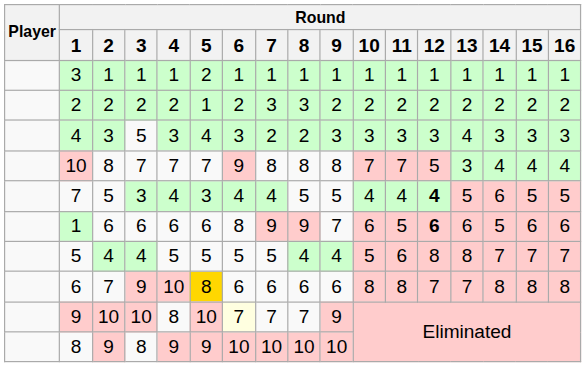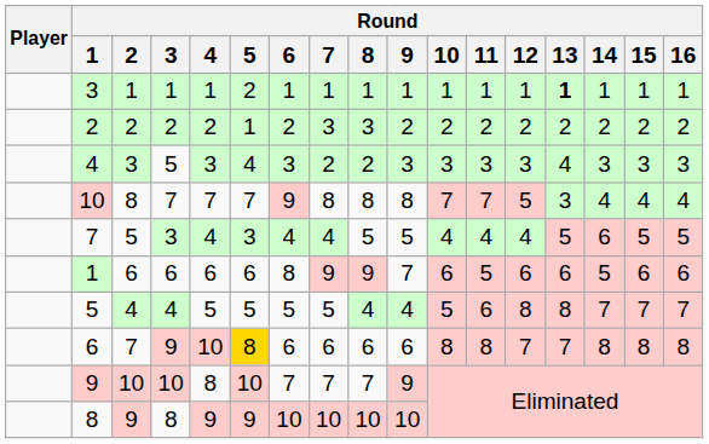 <table class="wikitable">
 <tr style="font-size:10pt;font-weight:bold">
 <th rowspan=2>Player</th>
 <th colspan=16>Round</th>
 </tr>
 <tr>
 <th style="width:20px;">1</th>
 <th style="width:20px;">2</th>
 <th style="width:20px;">3</th>
 <th style="width:20px;">4</th>
 <th style="width:20px;">5</th>
 <th style="width:20px;">6</th>
 <th style="width:20px;">7</th>
 <th style="width:20px;">8</th>
 <th style="width:20px;">9</th>
 <th style="width:20px;">10</th>
 <th style="width:20px;">11</th>
 <th style="width:20px;">12</th>
 <th style="width:20px;">13</th>
 <th style="width:20px;">14</th>
 <th style="width:20px;">15</th>
 <th style="width:20px;">16</th>
 </tr>
 <tr>
 <td> </td>
 <td align=center bgcolor="#ccffcc">3</td>
 <td align=center bgcolor="#ccffcc">1</td>
 <td align=center bgcolor="#ccffcc">1</td>
 <td align=center bgcolor="#ccffcc">1</td>
 <td align=center bgcolor="#ccffcc">2</td>
 <td align=center bgcolor="#ccffcc">1</td>
 <td align=center bgcolor="#ccffcc">1</td>
 <td align=center bgcolor="#ccffcc">1</td>
 <td align=center bgcolor="#ccffcc">1</td>
 <td align=center bgcolor="#ccffcc">1</td>
 <td align=center bgcolor="#ccffcc">1</td>
 <td align=center bgcolor="#ccffcc">1</td>
-<td align=center bgcolor="#ccffcc">1</td>
+<td align=center bgcolor="#ccffcc"><strong>1</strong></td>
 <td align=center bgcolor="#ccffcc">1</td>
 <td align=center bgcolor="#ccffcc">1</td>
 <td align=center bgcolor="#ccffcc">1</td>
 </tr>
 <tr>
 <td> </td>
 <td align=center bgcolor="#ccffcc">2</td>
 <td align=center bgcolor="#ccffcc">2</td>
 <td align=center bgcolor="#ccffcc">2</td>
 <td align=center bgcolor="#ccffcc">2</td>
 <td align=center bgcolor="#ccffcc">1</td>
 <td align=center bgcolor="#ccffcc">2</td>
 <td align=center bgcolor="#ccffcc">3</td>
 <td align=center bgcolor="#ccffcc">3</td>
 <td align=center bgcolor="#ccffcc">2</td>
 <td align=center bgcolor="#ccffcc">2</td>
 <td align=center bgcolor="#ccffcc">2</td>
 <td align=center bgcolor="#ccffcc">2</td>
 <td align=center bgcolor="#ccffcc">2</td>
 <td align=center bgcolor="#ccffcc">2</td>
 <td align=center bgcolor="#ccffcc">2</td>
 <td align=center bgcolor="#ccffcc">2</td>
 </tr>
 <tr>
 <td> </td>
 <td align=center bgcolor="#ccffcc">4</td>
 <td align=center bgcolor="#ccffcc">3</td>
 <td align=center>5</td>
 <td align=center bgcolor="#ccffcc">3</td>
 <td align=center bgcolor="#ccffcc">4</td>
 <td align=center bgcolor="#ccffcc">3</td>
 <td align=center bgcolor="#ccffcc">2</td>
 <td align=center bgcolor="#ccffcc">2</td>
 <td align=center bgcolor="#ccffcc">3</td>
 <td align=center bgcolor="#ccffcc">3</td>
 <td align=center bgcolor="#ccffcc">3</td>
 <td align=center bgcolor="#ccffcc">3</td>
 <td align=center bgcolor="#ccffcc">4</td>
 <td align=center bgcolor="#ccffcc">3</td>
 <td align=center bgcolor="#ccffcc">3</td>
 <td align=center bgcolor="#ccffcc">3</td>
 </tr>
 <tr>
 <td></td>
 <td align=center bgcolor="#ffcccc">10</td>
 <td align=center>8</td>
 <td align=center>7</td>
 <td align=center>7</td>
 <td align=center>7</td>
 <td align=center bgcolor="#ffcccc">9</td>
 <td align=center>8</td>
 <td align=center>8</td>
 <td align=center>8</td>
 <td align=center bgcolor="#ffcccc">7</td>
 <td align=center bgcolor="#ffcccc">7</td>
 <td align=center bgcolor="#ffcccc">5</td>
 <td align=center bgcolor="#ccffcc">3</td>
 <td align=center bgcolor="#ccffcc">4</td>
 <td align=center bgcolor="#ccffcc">4</td>
 <td align=center bgcolor="#ccffcc">4</td>
 </tr>
 <tr>
 <td> </td>
 <td align=center>7</td>
 <td align=center>5</td>
 <td align=center bgcolor="#ccffcc">3</td>
 <td align=center bgcolor="#ccffcc">4</td>
 <td align=center bgcolor="#ccffcc">3</td>
 <td align=center bgcolor="#ccffcc">4</td>
 <td align=center bgcolor="#ccffcc">4</td>
 <td align=center>5</td>
 <td align=center>5</td>
 <td align=center bgcolor="#ccffcc">4</td>
 <td align=center bgcolor="#ccffcc">4</td>
-<td align=center bgcolor="#ccffcc"><strong>4</strong></td>
+<td align=center bgcolor="#ccffcc">4</td>
 <td align=center bgcolor="#ffcccc">5</td>
 <td align=center bgcolor="#ffcccc">6</td>
 <td align=center bgcolor="#ffcccc">5</td>
 <td align=center bgcolor="#ffcccc">5</td>
 </tr>
 <tr>
 <td> </td>
 <td align=center bgcolor="#ccffcc">1</td>
 <td align=center>6</td>
 <td align=center>6</td>
 <td align=center>6</td>
 <td align=center>6</td>
 <td align=center>8</td>
 <td align=center bgcolor="#ffcccc">9</td>
 <td align=center bgcolor="#ffcccc">9</td>
 <td align=center>7</td>
 <td align=center bgcolor="#ffcccc">6</td>
 <td align=center bgcolor="#ffcccc">5</td>
-<td align=center bgcolor="#ffcccc"><strong>6</strong></td>
+<td align=center bgcolor="#ffcccc">6</td>
 <td align=center bgcolor="#ffcccc">6</td>
 <td align=center bgcolor="#ffcccc">5</td>
 <td align=center bgcolor="#ffcccc">6</td>
 <td align=center bgcolor="#ffcccc">6</td>
 </tr>
 <tr>
 <td> </td>
 <td align=center>5</td>
 <td align=center bgcolor="#ccffcc">4</td>
 <td align=center bgcolor="#ccffcc">4</td>
 <td align=center>5</td>
 <td align=center>5</td>
 <td align=center>5</td>
 <td align=center>5</td>
 <td align=center bgcolor="#ccffcc">4</td>
 <td align=center bgcolor="#ccffcc">4</td>
 <td align=center bgcolor="#ffcccc">5</td>
 <td align=center bgcolor="#ffcccc">6</td>
 <td align=center bgcolor="#ffcccc">8</td>
 <td align=center bgcolor="#ffcccc">8</td>
 <td align=center bgcolor="#ffcccc">7</td>
 <td align=center bgcolor="#ffcccc">7</td>
 <td align=center bgcolor="#ffcccc">7</td>
 </tr>
 <tr>
 <td> </td>
 <td align=center>6</td>
 <td align=center>7</td>
 <td align=center bgcolor="#ffcccc">9</td>
 <td align=center bgcolor="#ffcccc">10</td>
 <td align=center style="background: gold;">8</td>
 <td align=center>6</td>
 <td align=center>6</td>
 <td align=center>6</td>
 <td align=center>6</td>
 <td align=center bgcolor="#ffcccc">8</td>
 <td align=center bgcolor="#ffcccc">8</td>
 <td align=center bgcolor="#ffcccc">7</td>
 <td align=center bgcolor="#ffcccc">7</td>
 <td align=center bgcolor="#ffcccc">8</td>
 <td align=center bgcolor="#ffcccc">8</td>
 <td align=center bgcolor="#ffcccc">8</td>
 </tr>
 <tr>
 <td> </td>
 <td align=center bgcolor="#ffcccc">9</td>
 <td align=center bgcolor="#ffcccc">10</td>
 <td align=center bgcolor="#ffcccc">10</td>
 <td align=center>8</td>
 <td align=center bgcolor="#ffcccc">10</td>
-<td align=center style="background: lightyellow;">7</td>
+<td align=center>7</td>
 <td align=center>7</td>
 <td align=center>7</td>
 <td align=center bgcolor="#ffcccc">9</td>
 <td align=center bgcolor="#ffcccc" colspan=7 rowspan=2>Eliminated</td>
 </tr>
 <tr>
 <td> </td>
 <td align=center>8</td>
 <td align=center bgcolor="#ffcccc">9</td>
 <td align=center>8</td>
 <td align=center bgcolor="#ffcccc">9</td>
 <td align=center bgcolor="#ffcccc">9</td>
 <td align=center bgcolor="#ffcccc">10</td>
 <td align=center bgcolor="#ffcccc">10</td>
 <td align=center bgcolor="#ffcccc">10</td>
 <td align=center bgcolor="#ffcccc">10</td>
 </tr>
 </table>
